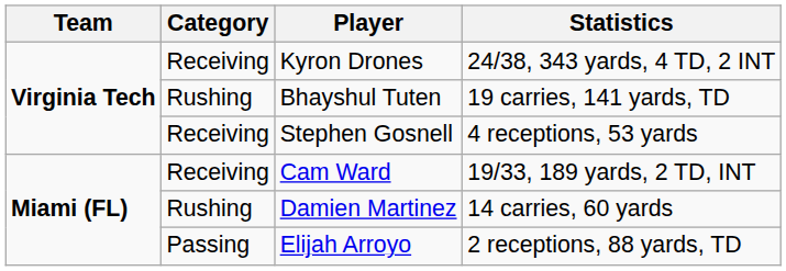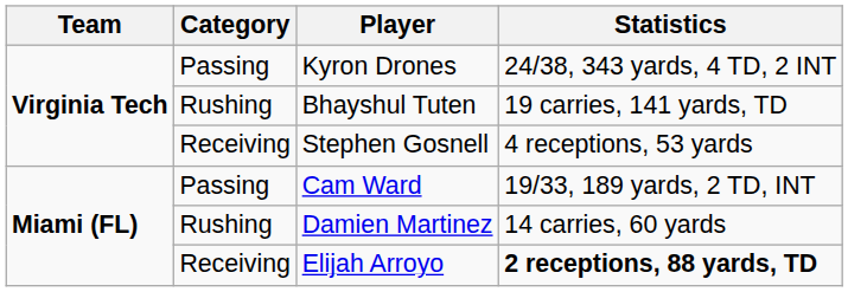 <table class="wikitable" style="float: right;">
 <tr>
 <th>Team</th>
 <th>Category</th>
 <th>Player</th>
 <th>Statistics</th>
 </tr>
 <tr>
 <td rowspan=3><strong>Virginia Tech</strong></td>
-<td>Receiving</td>
+<td>Passing</td>
 <td>Kyron Drones</td>
 <td>24/38, 343 yards, 4 TD, 2 INT</td>
 </tr>
 <tr>
 <td>Rushing</td>
 <td>Bhayshul Tuten</td>
 <td>19 carries, 141 yards, TD</td>
 </tr>
 <tr>
 <td>Receiving</td>
 <td>Stephen Gosnell</td>
 <td>4 receptions, 53 yards</td>
 </tr>
 <tr>
 <td rowspan=3><strong>Miami (FL)</strong></td>
-<td>Receiving</td>
+<td>Passing</td>
 <td><a href='#'>Cam Ward</a></td>
 <td>19/33, 189 yards, 2 TD, INT</td>
 </tr>
 <tr>
 <td>Rushing</td>
 <td><a href='#'>Damien Martinez</a></td>
 <td>14 carries, 60 yards</td>
 </tr>
 <tr>
-<td>Passing</td>
+<td>Receiving</td>
 <td><a href='#'>Elijah Arroyo</a></td>
-<td>2 receptions, 88 yards, TD</td>
+<td><strong>2 receptions, 88 yards, TD</strong></td>
 </tr>
 </table>
